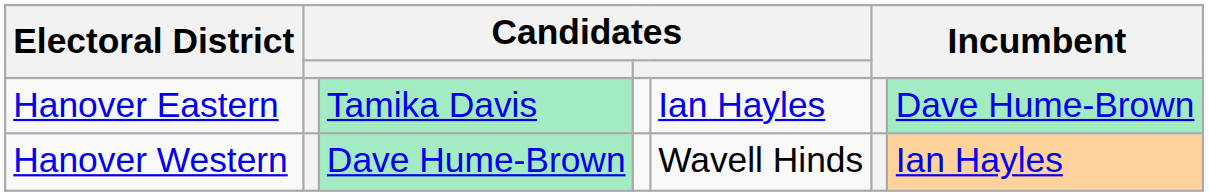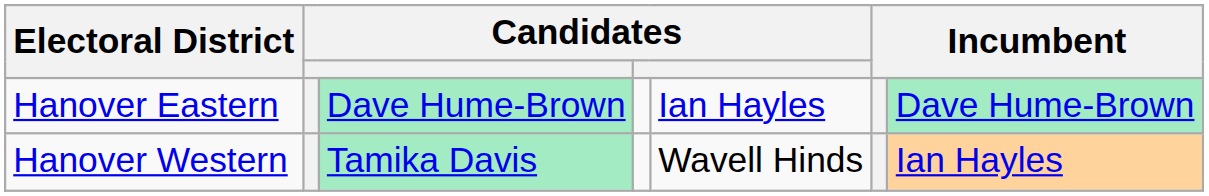 <table class="wikitable">
 <tr>
 <th rowspan="2">Electoral District</th>
 <th colspan="4">Candidates</th>
 <th colspan="2" rowspan="2">Incumbent</th>
 </tr>
 <tr>
 <th colspan="2" style="background:"><a href='#'></a></th>
 <th colspan="2" style="background:"><a href='#'></a></th>
 </tr>
 <tr>
 <td><a href='#'>Hanover Eastern</a></td>
 <th style="background:"></th>
-<td style="background:#a3ebc3"><a href='#'>Tamika Davis</a></td>
+<td style="background:#a3ebc3"><a href='#'>Dave Hume-Brown</a></td>
 <td></td>
 <td><a href='#'>Ian Hayles</a></td>
 <th style="background:"></th>
 <td style="background:#a3ebc3"><a href='#'>Dave Hume-Brown</a></td>
 </tr>
 <tr>
 <td><a href='#'>Hanover Western</a></td>
 <th style="background:"></th>
-<td style="background:#a3ebc3"><a href='#'>Dave Hume-Brown</a></td>
+<td style="background:#a3ebc3"><a href='#'>Tamika Davis</a></td>
 <td></td>
 <td>Wavell Hinds</td>
 <th style="background:"></th>
 <td style="background:#FFD39B"><a href='#'>Ian Hayles</a></td>
 </tr>
 </table>
